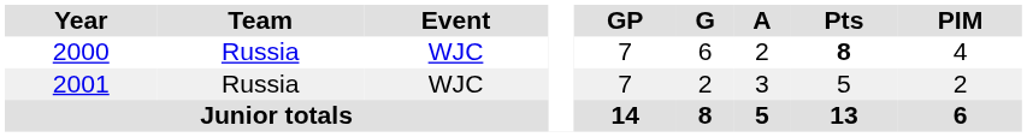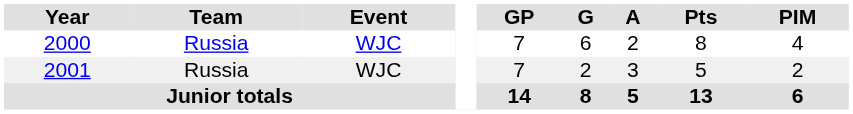 <table border="0" cellpadding="1" cellspacing="0" style="text-align:center; width:40em">
 <tr ALIGN="center" bgcolor="#e0e0e0">
 <th>Year</th>
 <th>Team</th>
 <th>Event</th>
 <th rowspan="99" bgcolor="#ffffff"> </th>
 <th>GP</th>
 <th>G</th>
 <th>A</th>
 <th>Pts</th>
 <th>PIM</th>
 </tr>
 <tr>
 <td><a href='#'>2000</a></td>
 <td><a href='#'>Russia</a></td>
 <td><a href='#'>WJC</a></td>
 <td>7</td>
 <td>6</td>
 <td>2</td>
-<td><strong>8</strong></td>
+<td>8</td>
 <td>4</td>
 </tr>
 <tr bgcolor="#f0f0f0">
 <td><a href='#'>2001</a></td>
 <td>Russia</td>
 <td>WJC</td>
 <td>7</td>
 <td>2</td>
 <td>3</td>
 <td>5</td>
 <td>2</td>
 </tr>
 <tr bgcolor="#e0e0e0">
 <th colspan="3">Junior totals</th>
 <th>14</th>
 <th>8</th>
 <th>5</th>
 <th>13</th>
 <th>6</th>
 </tr>
 </table>
